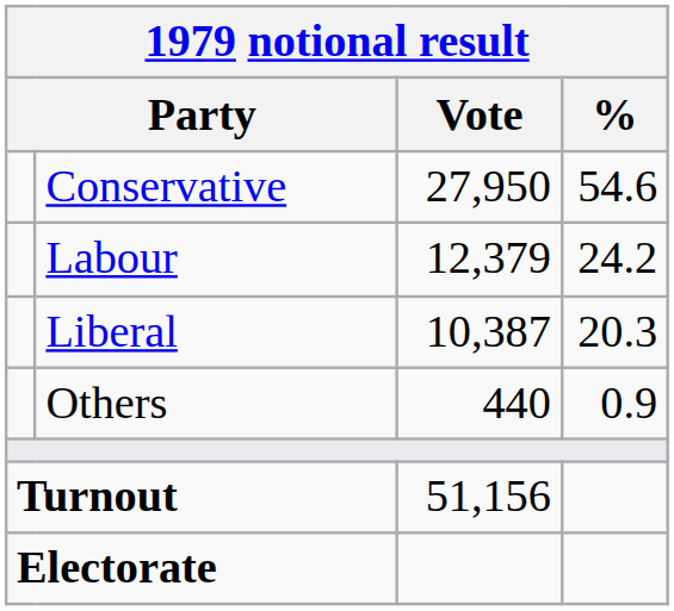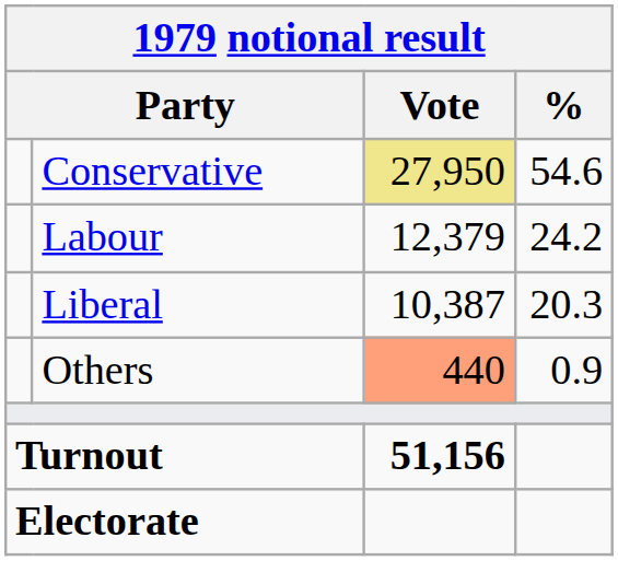 <table class="wikitable">
 <tr>
 <th colspan="4"><a href='#'>1979</a> <a href='#'>notional result</a></th>
 </tr>
 <tr>
 <th bgcolor="#DDDDFF" width="130px" colspan="2">Party</th>
 <th bgcolor="#DDDDFF" width="50px">Vote</th>
 <th bgcolor="#DDDDFF" width="30px">%</th>
 </tr>
 <tr>
 <td></td>
 <td><a href='#'>Conservative</a></td>
-<td align=right>27,950</td>
+<td align=right style="background: khaki;">27,950</td>
 <td align=right>54.6</td>
 </tr>
 <tr>
 <td></td>
 <td><a href='#'>Labour</a></td>
 <td align=right>12,379</td>
 <td align=right>24.2</td>
 </tr>
 <tr>
 <td></td>
 <td><a href='#'>Liberal</a></td>
 <td align=right>10,387</td>
 <td align=right>20.3</td>
 </tr>
 <tr>
 <td></td>
 <td>Others</td>
-<td align=right>440</td>
+<td align=right style="background: lightsalmon;">440</td>
 <td align=right>0.9</td>
 </tr>
 <tr>
 <td colspan="4" bgcolor="#EAECF0"></td>
 </tr>
 <tr>
 <td colspan="2"><strong>Turnout</strong></td>
-<td align=right>51,156</td>
+<td align=right><strong>51,156</strong></td>
 <td align=right></td>
 </tr>
 <tr>
 <td colspan="2"><strong>Electorate</strong></td>
 <td align=right></td>
 </tr>
 </table>
